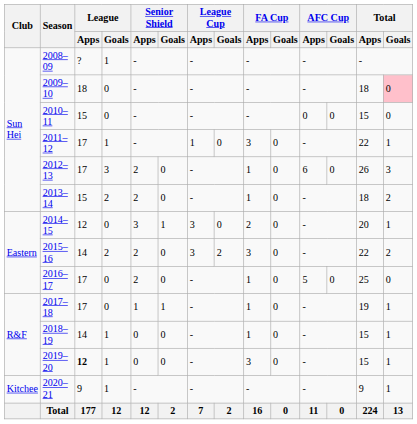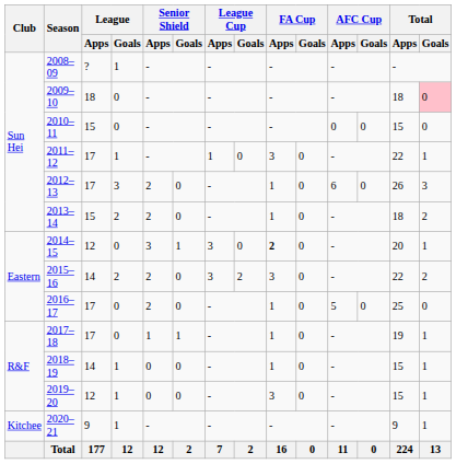 <table class="wikitable">
 <tr>
 <th rowspan="2">Club</th>
 <th rowspan="2">Season</th>
 <th colspan="2">League</th>
 <th colspan="2"><a href='#'>Senior Shield</a></th>
 <th colspan="2"><a href='#'>League Cup</a></th>
 <th colspan="2"><a href='#'>FA Cup</a></th>
 <th colspan="2"><a href='#'>AFC Cup</a></th>
 <th colspan="2">Total</th>
 </tr>
 <tr>
 <th>Apps</th>
 <th>Goals</th>
 <th>Apps</th>
 <th>Goals</th>
 <th>Apps</th>
 <th>Goals</th>
 <th>Apps</th>
 <th>Goals</th>
 <th>Apps</th>
 <th>Goals</th>
 <th>Apps</th>
 <th>Goals</th>
 </tr>
 <tr>
 <td rowspan="6"><a href='#'>Sun Hei</a></td>
 <td><a href='#'>2008–09</a></td>
 <td>?</td>
 <td>1</td>
 <td colspan="2">-</td>
 <td colspan="2">-</td>
 <td colspan="2">-</td>
 <td colspan="2">-</td>
 <td colspan="2">-</td>
 </tr>
 <tr>
 <td><a href='#'>2009–10</a></td>
 <td>18</td>
 <td>0</td>
 <td colspan="2">-</td>
 <td colspan="2">-</td>
 <td colspan="2">-</td>
 <td colspan="2">-</td>
 <td>18</td>
 <td style="background: pink;">0</td>
 </tr>
 <tr>
 <td><a href='#'>2010–11</a></td>
 <td>15</td>
 <td>0</td>
 <td colspan="2">-</td>
 <td colspan="2">-</td>
 <td colspan="2">-</td>
 <td>0</td>
 <td>0</td>
 <td>15</td>
 <td>0</td>
 </tr>
 <tr>
 <td><a href='#'>2011–12</a></td>
 <td>17</td>
 <td>1</td>
 <td colspan="2">-</td>
 <td>1</td>
 <td>0</td>
 <td>3</td>
 <td>0</td>
 <td colspan="2">-</td>
 <td>22</td>
 <td>1</td>
 </tr>
 <tr>
 <td><a href='#'>2012–13</a></td>
 <td>17</td>
 <td>3</td>
 <td>2</td>
 <td>0</td>
 <td colspan="2">-</td>
 <td>1</td>
 <td>0</td>
 <td>6</td>
 <td>0</td>
 <td>26</td>
 <td>3</td>
 </tr>
 <tr>
 <td><a href='#'>2013–14</a></td>
 <td>15</td>
 <td>2</td>
 <td>2</td>
 <td>0</td>
 <td colspan="2">-</td>
 <td>1</td>
 <td>0</td>
 <td colspan="2">-</td>
 <td>18</td>
 <td>2</td>
 </tr>
 <tr>
 <td rowspan="3"><a href='#'>Eastern</a></td>
 <td><a href='#'>2014–15</a></td>
 <td>12</td>
 <td>0</td>
 <td>3</td>
 <td>1</td>
 <td>3</td>
 <td>0</td>
-<td>2</td>
+<td><strong>2</strong></td>
 <td>0</td>
 <td colspan="2">-</td>
 <td>20</td>
 <td>1</td>
 </tr>
 <tr>
 <td><a href='#'>2015–16</a></td>
 <td>14</td>
 <td>2</td>
 <td>2</td>
 <td>0</td>
 <td>3</td>
 <td>2</td>
 <td>3</td>
 <td>0</td>
 <td colspan="2">-</td>
 <td>22</td>
 <td>2</td>
 </tr>
 <tr>
 <td><a href='#'>2016–17</a></td>
 <td>17</td>
 <td>0</td>
 <td>2</td>
 <td>0</td>
 <td colspan="2">-</td>
 <td>1</td>
 <td>0</td>
 <td>5</td>
 <td>0</td>
 <td>25</td>
 <td>0</td>
 </tr>
 <tr>
 <td rowspan="3"><a href='#'>R&F</a></td>
 <td><a href='#'>2017–18</a></td>
 <td>17</td>
 <td>0</td>
 <td>1</td>
 <td>1</td>
 <td colspan="2">-</td>
 <td>1</td>
 <td>0</td>
 <td colspan="2">-</td>
 <td>19</td>
 <td>1</td>
 </tr>
 <tr>
 <td><a href='#'>2018–19</a></td>
 <td>14</td>
 <td>1</td>
 <td>0</td>
 <td>0</td>
 <td colspan="2">-</td>
 <td>1</td>
 <td>0</td>
 <td colspan="2">-</td>
 <td>15</td>
 <td>1</td>
 </tr>
 <tr>
 <td><a href='#'>2019–20</a></td>
-<td><strong>12</strong></td>
+<td>12</td>
 <td>1</td>
 <td>0</td>
 <td>0</td>
 <td colspan="2">-</td>
 <td>3</td>
 <td>0</td>
 <td colspan="2">-</td>
 <td>15</td>
 <td>1</td>
 </tr>
 <tr>
 <td><a href='#'>Kitchee</a></td>
 <td><a href='#'>2020–21</a></td>
 <td>9</td>
 <td>1</td>
 <td colspan="2">-</td>
 <td colspan="2">-</td>
 <td colspan="2">-</td>
 <td colspan="2">-</td>
 <td>9</td>
 <td>1</td>
 </tr>
 <tr>
 <th></th>
 <th>Total</th>
 <th>177</th>
 <th>12</th>
 <th>12</th>
 <th>2</th>
 <th>7</th>
 <th>2</th>
 <th>16</th>
 <th>0</th>
 <th>11</th>
 <th>0</th>
 <th>224</th>
 <th>13</th>
 </tr>
 </table>
